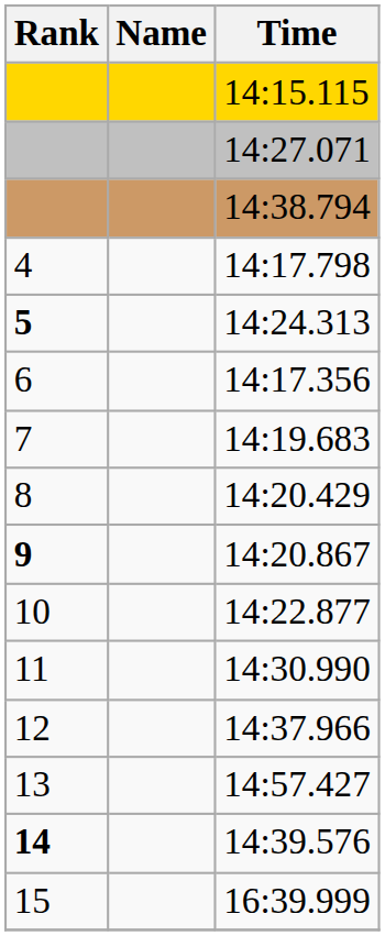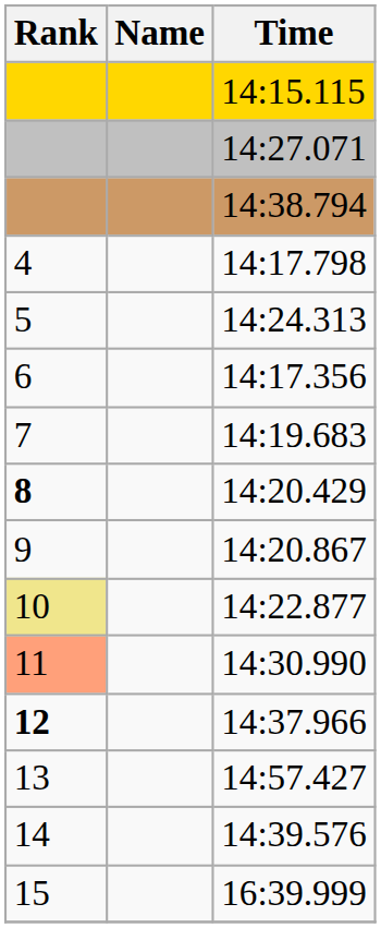 <table class="wikitable">
 <tr>
 <th>Rank</th>
 <th>Name</th>
 <th>Time</th>
 </tr>
 <tr style="background:gold;">
 <td></td>
 <td></td>
 <td>14:15.115</td>
 </tr>
 <tr style="background:silver;">
 <td></td>
 <td></td>
 <td>14:27.071</td>
 </tr>
 <tr style="background:#cc9966;">
 <td></td>
 <td></td>
 <td>14:38.794</td>
 </tr>
 <tr>
 <td>4</td>
 <td></td>
 <td>14:17.798</td>
 </tr>
 <tr>
-<td><strong>5</strong></td>
+<td>5</td>
 <td></td>
 <td>14:24.313</td>
 </tr>
 <tr>
 <td>6</td>
 <td></td>
 <td>14:17.356</td>
 </tr>
 <tr>
 <td>7</td>
 <td></td>
 <td>14:19.683</td>
 </tr>
 <tr>
-<td>8</td>
+<td><strong>8</strong></td>
 <td></td>
 <td>14:20.429</td>
 </tr>
 <tr>
-<td><strong>9</strong></td>
+<td>9</td>
 <td></td>
 <td>14:20.867</td>
 </tr>
 <tr>
-<td>10</td>
+<td style="background: khaki;">10</td>
 <td></td>
 <td>14:22.877</td>
 </tr>
 <tr>
-<td>11</td>
+<td style="background: lightsalmon;">11</td>
 <td></td>
 <td>14:30.990</td>
 </tr>
 <tr>
-<td>12</td>
+<td><strong>12</strong></td>
 <td></td>
 <td>14:37.966</td>
 </tr>
 <tr>
 <td>13</td>
 <td></td>
 <td>14:57.427</td>
 </tr>
 <tr>
-<td><strong>14</strong></td>
+<td>14</td>
 <td></td>
 <td>14:39.576</td>
 </tr>
 <tr>
 <td>15</td>
 <td></td>
 <td>16:39.999</td>
 </tr>
 <tr>
 </tr>
 </table>
